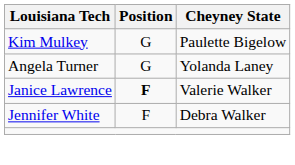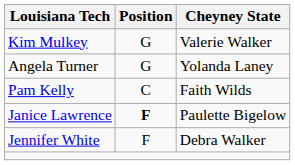 <table class="wikitable">
 <tr>
 <th>Louisiana Tech</th>
 <th>Position</th>
 <th>Cheyney State</th>
 </tr>
 <tr>
 <td><a href='#'>Kim Mulkey</a></td>
 <td style="text-align:center">G</td>
-<td>Paulette Bigelow</td>
+<td>Valerie Walker</td>
 </tr>
 <tr>
 <td>Angela Turner</td>
 <td style="text-align:center">G</td>
 <td>Yolanda Laney</td>
 </tr>
 <tr>
+<td><a href='#'>Pam Kelly</a></td>
+<td style="text-align:center">C</td>
+<td>Faith Wilds</td>
+</tr>
+<tr>
 <td><a href='#'>Janice Lawrence</a></td>
 <td style="text-align:center"><strong>F</strong></td>
-<td>Valerie Walker</td>
+<td>Paulette Bigelow</td>
 </tr>
 <tr>
 <td><a href='#'>Jennifer White</a></td>
 <td style="text-align:center">F</td>
 <td>Debra Walker</td>
 </tr>
 <tr>
 <td style="text-align:center" colspan=3></td>
 </tr>
 </table>
